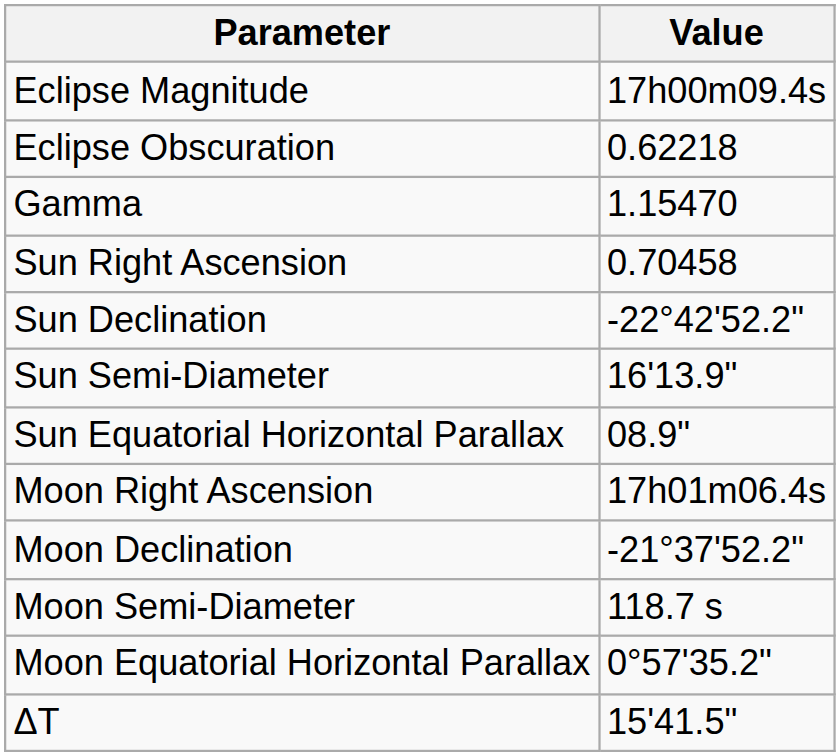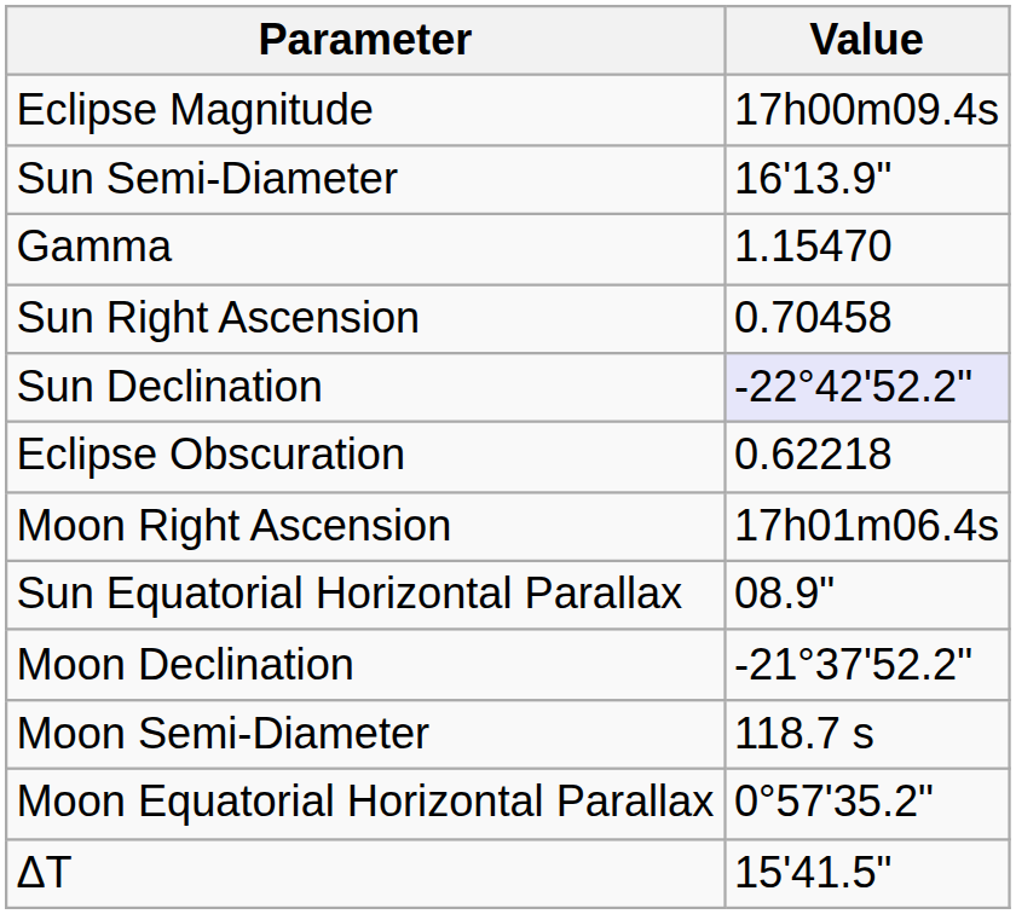 <table class="wikitable">
 <tr>
 <th>Parameter</th>
 <th>Value</th>
 </tr>
 <tr>
 <td>Eclipse Magnitude</td>
 <td>17h00m09.4s</td>
 </tr>
 <tr>
-<td>Eclipse Obscuration</td>
-<td>0.62218</td>
+<td>Sun Semi-Diameter</td>
+<td>16'13.9"</td>
 </tr>
 <tr>
 <td>Gamma</td>
 <td>1.15470</td>
 </tr>
 <tr>
 <td>Sun Right Ascension</td>
 <td>0.70458</td>
 </tr>
 <tr>
 <td>Sun Declination</td>
-<td>-22°42'52.2"</td>
+<td style="background: lavender;">-22°42'52.2"</td>
 </tr>
 <tr>
-<td>Sun Semi-Diameter</td>
-<td>16'13.9"</td>
+<td>Eclipse Obscuration</td>
+<td>0.62218</td>
+</tr>
+<tr>
+<td>Moon Right Ascension</td>
+<td>17h01m06.4s</td>
 </tr>
 <tr>
 <td>Sun Equatorial Horizontal Parallax</td>
 <td>08.9"</td>
-</tr>
-<tr>
-<td>Moon Right Ascension</td>
-<td>17h01m06.4s</td>
 </tr>
 <tr>
 <td>Moon Declination</td>
 <td>-21°37'52.2"</td>
 </tr>
 <tr>
 <td>Moon Semi-Diameter</td>
 <td>118.7 s</td>
 </tr>
 <tr>
 <td>Moon Equatorial Horizontal Parallax</td>
 <td>0°57'35.2"</td>
 </tr>
 <tr>
 <td>ΔT</td>
 <td>15'41.5"</td>
 </tr>
 </table>
